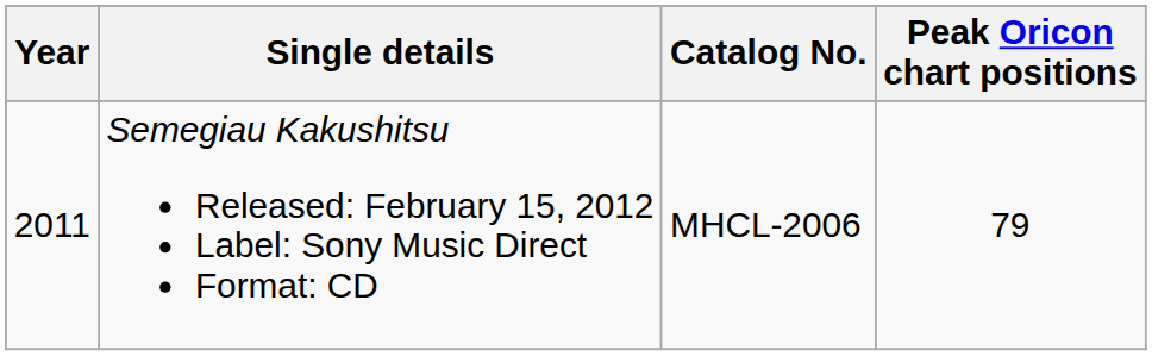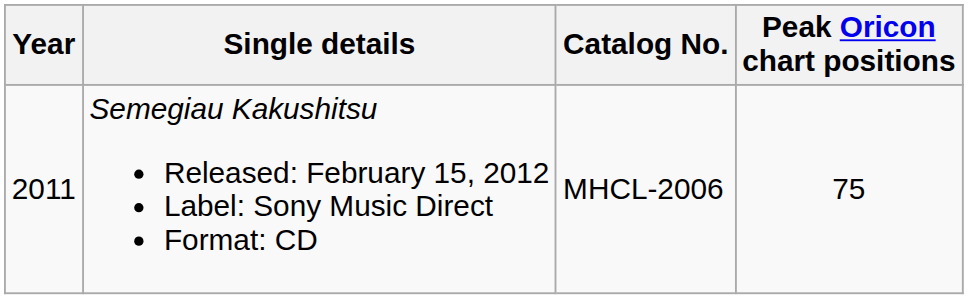 <table class="wikitable">
 <tr>
 <th>Year</th>
 <th>Single details</th>
 <th>Catalog No.</th>
 <th>Peak <a href='#'>Oricon</a><br> chart positions</th>
 </tr>
 <tr>
 <td>2011</td>
 <td align="left"><em>Semegiau Kakushitsu</em><br><ul><li>Released: February 15, 2012</li><li>Label: Sony Music Direct</li><li>Format: CD</li></ul></td>
 <td>MHCL-2006</td>
-<td align="center">79</td>
+<td align="center">75</td>
 </tr>
 </table>
